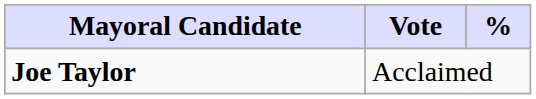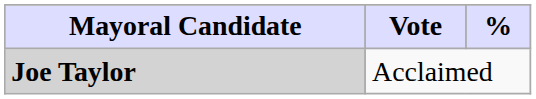 <table class="wikitable">
 <tr>
 <th style="background:#ddf; width:200px;">Mayoral Candidate</th>
 <th style="background:#ddf; width:50px;">Vote</th>
 <th style="background:#ddf; width:30px;">%</th>
 </tr>
 <tr>
-<td><strong>Joe Taylor</strong></td>
+<td style="background: lightgrey;"><strong>Joe Taylor</strong></td>
 <td colspan="2">Acclaimed</td>
 </tr>
 </table>
